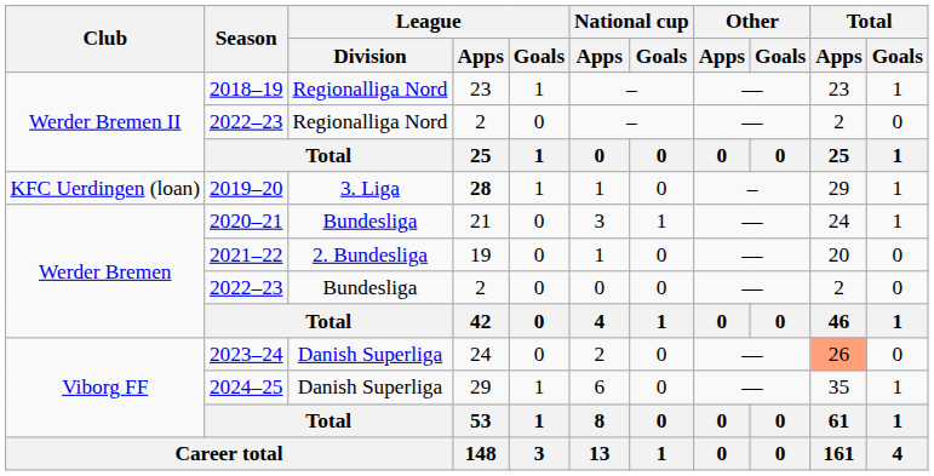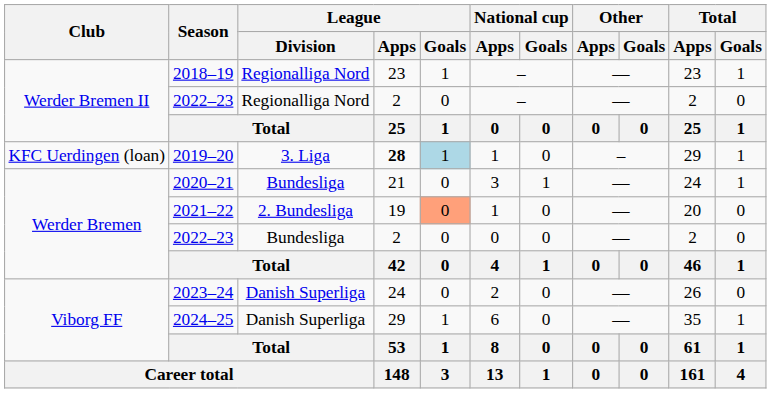 <table class="wikitable" style="text-align: center">
 <tr>
 <th rowspan="2">Club</th>
 <th rowspan="2">Season</th>
 <th colspan="3">League</th>
 <th colspan="2">National cup</th>
 <th colspan="2">Other</th>
 <th colspan="2">Total</th>
 </tr>
 <tr>
 <th>Division</th>
 <th>Apps</th>
 <th>Goals</th>
 <th>Apps</th>
 <th>Goals</th>
 <th>Apps</th>
 <th>Goals</th>
 <th>Apps</th>
 <th>Goals</th>
 </tr>
 <tr>
 <td rowspan="3"><a href='#'>Werder Bremen II</a></td>
 <td><a href='#'>2018–19</a></td>
 <td><a href='#'>Regionalliga Nord</a></td>
 <td>23</td>
 <td>1</td>
 <td colspan="2">–</td>
 <td colspan="2">—</td>
 <td>23</td>
 <td>1</td>
 </tr>
 <tr>
 <td><a href='#'>2022–23</a></td>
 <td>Regionalliga Nord</td>
 <td>2</td>
 <td>0</td>
 <td colspan="2">–</td>
 <td colspan="2">—</td>
 <td>2</td>
 <td>0</td>
 </tr>
 <tr>
 <th colspan="2">Total</th>
 <th>25</th>
 <th>1</th>
 <th>0</th>
 <th>0</th>
 <th>0</th>
 <th>0</th>
 <th>25</th>
 <th>1</th>
 </tr>
 <tr>
 <td><a href='#'>KFC Uerdingen</a> (loan)</td>
 <td><a href='#'>2019–20</a></td>
 <td><a href='#'>3. Liga</a></td>
 <td><strong>28</strong></td>
-<td>1</td>
+<td style="background: lightblue;">1</td>
 <td>1</td>
 <td>0</td>
 <td colspan="2">–</td>
 <td>29</td>
 <td>1</td>
 </tr>
 <tr>
 <td rowspan="4"><a href='#'>Werder Bremen</a></td>
 <td><a href='#'>2020–21</a></td>
 <td><a href='#'>Bundesliga</a></td>
 <td>21</td>
 <td>0</td>
 <td>3</td>
 <td>1</td>
 <td colspan="2">—</td>
 <td>24</td>
 <td>1</td>
 </tr>
 <tr>
 <td><a href='#'>2021–22</a></td>
 <td><a href='#'>2. Bundesliga</a></td>
 <td>19</td>
-<td>0</td>
+<td style="background: lightsalmon;">0</td>
 <td>1</td>
 <td>0</td>
 <td colspan="2">—</td>
 <td>20</td>
 <td>0</td>
 </tr>
 <tr>
 <td><a href='#'>2022–23</a></td>
 <td>Bundesliga</td>
 <td>2</td>
 <td>0</td>
 <td>0</td>
 <td>0</td>
 <td colspan="2">—</td>
 <td>2</td>
 <td>0</td>
 </tr>
 <tr>
 <th colspan="2">Total</th>
 <th>42</th>
 <th>0</th>
 <th>4</th>
 <th>1</th>
 <th>0</th>
 <th>0</th>
 <th>46</th>
 <th>1</th>
 </tr>
 <tr>
 <td rowspan="3"><a href='#'>Viborg FF</a></td>
 <td><a href='#'>2023–24</a></td>
 <td><a href='#'>Danish Superliga</a></td>
 <td>24</td>
 <td>0</td>
 <td>2</td>
 <td>0</td>
 <td colspan="2">—</td>
-<td style="background: lightsalmon;">26</td>
+<td>26</td>
 <td>0</td>
 </tr>
 <tr>
 <td><a href='#'>2024–25</a></td>
 <td>Danish Superliga</td>
 <td>29</td>
 <td>1</td>
 <td>6</td>
 <td>0</td>
 <td colspan="2">—</td>
 <td>35</td>
 <td>1</td>
 </tr>
 <tr>
 <th colspan="2">Total</th>
 <th>53</th>
 <th>1</th>
 <th>8</th>
 <th>0</th>
 <th>0</th>
 <th>0</th>
 <th>61</th>
 <th>1</th>
 </tr>
 <tr>
 <th colspan="3">Career total</th>
 <th>148</th>
 <th>3</th>
 <th>13</th>
 <th>1</th>
 <th>0</th>
 <th>0</th>
 <th>161</th>
 <th>4</th>
 </tr>
 </table>
